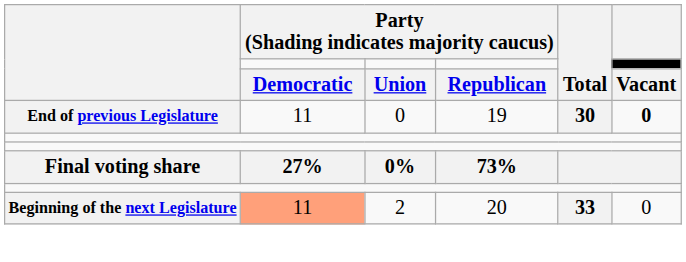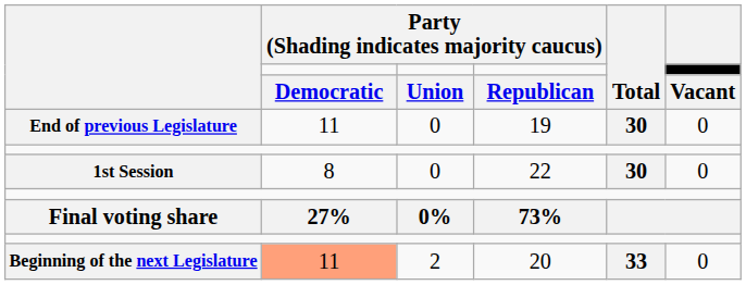 <table class=wikitable style="text-align:center">
 <tr style="vertical-align:bottom;">
 <th rowspan=3></th>
 <th colspan=3>Party <div>(Shading indicates majority caucus)</div></th>
 <th rowspan=3>Total</th>
 <th></th>
 </tr>
 <tr style="height:5px">
 <td style="background-color:"></td>
 <td style="background-color:"></td>
 <td style="background-color:"></td>
 <td style="background:black;"></td>
 </tr>
 <tr>
 <th><a href='#'>Democratic</a></th>
 <th><a href='#'>Union</a></th>
 <th><a href='#'>Republican</a></th>
 <th>Vacant</th>
 </tr>
 <tr>
 <th style="font-size:80%;">End of <a href='#'>previous Legislature</a></th>
 <td>11</td>
 <td>0</td>
 <td>19</td>
 <th>30</th>
-<td><strong>0</strong></td>
+<td>0</td>
 </tr>
 <tr>
 <td colspan=6></td>
+</tr>
+<tr>
+<th style="font-size:80%;">1st Session</th>
+<td>8</td>
+<td>0</td>
+<td>22</td>
+<th>30</th>
+<td>0</td>
 </tr>
 <tr>
 <td colspan=6></td>
 </tr>
 <tr>
 <th>Final voting share</th>
 <th>27%</th>
 <th>0%</th>
 <th>73%</th>
 <th colspan=2></th>
 </tr>
 <tr>
 <td colspan=6></td>
 </tr>
 <tr>
 <th style="font-size:80%;">Beginning of the <a href='#'>next Legislature</a></th>
 <td style="background: lightsalmon;">11</td>
 <td>2</td>
 <td>20</td>
 <th>33</th>
 <td>0</td>
 </tr>
 </table>
